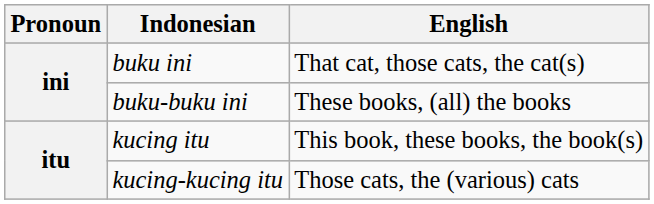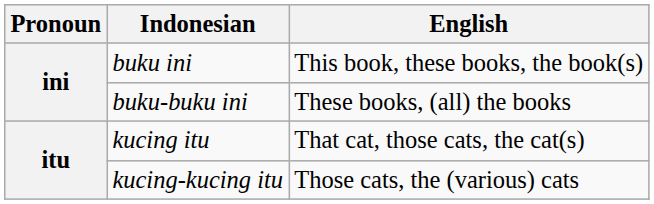 <table class="wikitable">
 <tr>
 <th>Pronoun</th>
 <th>Indonesian</th>
 <th>English</th>
 </tr>
 <tr>
 <th rowspan=2>ini</th>
 <td><em>buku ini</em></td>
-<td>That cat, those cats, the cat(s)</td>
+<td>This book, these books, the book(s)</td>
 </tr>
 <tr>
 <td><em>buku-buku ini</em></td>
 <td>These books, (all) the books</td>
 </tr>
 <tr>
 <th rowspan=2>itu</th>
 <td><em>kucing itu</em></td>
-<td>This book, these books, the book(s)</td>
+<td>That cat, those cats, the cat(s)</td>
 </tr>
 <tr>
 <td><em>kucing-kucing itu</em></td>
 <td>Those cats, the (various) cats</td>
 </tr>
 </table>
